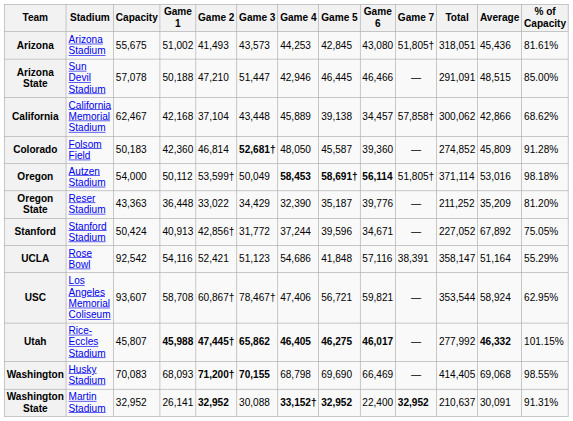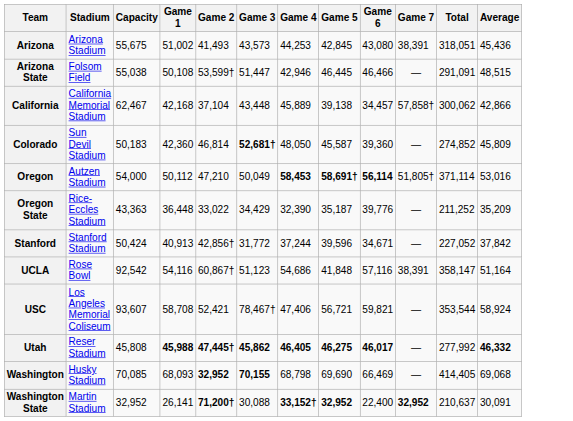 <table class="wikitable">
 <tr>
 <th>Team</th>
 <th>Stadium</th>
 <th>Capacity</th>
 <th>Game 1</th>
 <th>Game 2</th>
 <th>Game 3</th>
 <th>Game 4</th>
 <th>Game 5</th>
 <th>Game 6</th>
 <th>Game 7</th>
 <th>Total</th>
 <th>Average</th>
-<th>% of Capacity</th>
 </tr>
 <tr>
 <th>Arizona</th>
 <td><a href='#'>Arizona Stadium</a></td>
 <td>55,675</td>
 <td>51,002</td>
 <td>41,493</td>
 <td>43,573</td>
 <td>44,253</td>
 <td>42,845</td>
 <td>43,080</td>
-<td>51,805†</td>
+<td>38,391</td>
 <td>318,051</td>
 <td>45,436</td>
-<td>81.61%</td>
 </tr>
 <tr>
 <th>Arizona State</th>
-<td><a href='#'>Sun Devil Stadium</a></td>
-<td>57,078</td>
-<td>50,188</td>
-<td>47,210</td>
+<td><a href='#'>Folsom Field</a></td>
+<td>55,038</td>
+<td>50,108</td>
+<td>53,599†</td>
 <td>51,447</td>
 <td>42,946</td>
 <td>46,445</td>
 <td>46,466</td>
 <td style="text-align:center;">—</td>
 <td>291,091</td>
 <td>48,515</td>
-<td>85.00%</td>
 </tr>
 <tr>
 <th>California</th>
 <td><a href='#'>California Memorial Stadium</a></td>
 <td>62,467</td>
 <td>42,168</td>
 <td>37,104</td>
 <td>43,448</td>
 <td>45,889</td>
 <td>39,138</td>
 <td>34,457</td>
 <td>57,858†</td>
 <td>300,062</td>
 <td>42,866</td>
-<td>68.62%</td>
 </tr>
 <tr>
 <th>Colorado</th>
-<td><a href='#'>Folsom Field</a></td>
+<td><a href='#'>Sun Devil Stadium</a></td>
 <td>50,183</td>
 <td>42,360</td>
 <td>46,814</td>
 <td><strong>52,681†</strong></td>
 <td>48,050</td>
 <td>45,587</td>
 <td>39,360</td>
 <td style="text-align:center;">—</td>
 <td>274,852</td>
 <td>45,809</td>
-<td>91.28%</td>
 </tr>
 <tr>
 <th>Oregon</th>
 <td><a href='#'>Autzen Stadium</a></td>
 <td>54,000</td>
 <td>50,112</td>
-<td>53,599†</td>
+<td>47,210</td>
 <td>50,049</td>
 <td><strong>58,453</strong></td>
 <td><strong>58,691†</strong></td>
 <td><strong>56,114</strong></td>
 <td>51,805†</td>
 <td>371,114</td>
 <td>53,016</td>
-<td>98.18%</td>
 </tr>
 <tr>
 <th>Oregon State</th>
-<td><a href='#'>Reser Stadium</a></td>
+<td><a href='#'>Rice-Eccles Stadium</a></td>
 <td>43,363</td>
 <td>36,448</td>
 <td>33,022</td>
 <td>34,429</td>
 <td>32,390</td>
 <td>35,187</td>
 <td>39,776</td>
 <td style="text-align:center;">—</td>
 <td>211,252</td>
 <td>35,209</td>
-<td>81.20%</td>
 </tr>
 <tr>
 <th>Stanford</th>
 <td><a href='#'>Stanford Stadium</a></td>
 <td>50,424</td>
 <td>40,913</td>
 <td>42,856†</td>
 <td>31,772</td>
 <td>37,244</td>
 <td>39,596</td>
 <td>34,671</td>
 <td style="text-align:center;">—</td>
 <td>227,052</td>
-<td>67,892</td>
-<td>75.05%</td>
+<td>37,842</td>
 </tr>
 <tr>
 <th>UCLA</th>
 <td><a href='#'>Rose Bowl</a></td>
 <td>92,542</td>
 <td>54,116</td>
-<td>52,421</td>
+<td>60,867†</td>
 <td>51,123</td>
 <td>54,686</td>
 <td>41,848</td>
 <td>57,116</td>
 <td>38,391</td>
 <td>358,147</td>
 <td>51,164</td>
-<td>55.29%</td>
 </tr>
 <tr>
 <th>USC</th>
 <td><a href='#'>Los Angeles Memorial Coliseum</a></td>
 <td>93,607</td>
 <td>58,708</td>
-<td>60,867†</td>
+<td>52,421</td>
 <td>78,467†</td>
 <td>47,406</td>
 <td>56,721</td>
 <td>59,821</td>
 <td style="text-align:center;">—</td>
 <td>353,544</td>
 <td>58,924</td>
-<td>62.95%</td>
 </tr>
 <tr>
 <th>Utah</th>
-<td><a href='#'>Rice-Eccles Stadium</a></td>
-<td>45,807</td>
+<td><a href='#'>Reser Stadium</a></td>
+<td>45,808</td>
 <td><strong>45,988</strong></td>
 <td><strong>47,445†</strong></td>
-<td><strong>65,862</strong></td>
+<td><strong>45,862</strong></td>
 <td><strong>46,405</strong></td>
 <td><strong>46,275</strong></td>
 <td><strong>46,017</strong></td>
 <td style="text-align:center;">—</td>
 <td>277,992</td>
 <td><strong>46,332</strong></td>
-<td>101.15%</td>
 </tr>
 <tr>
 <th>Washington</th>
 <td><a href='#'>Husky Stadium</a></td>
-<td>70,083</td>
+<td>70,085</td>
 <td>68,093</td>
-<td><strong>71,200†</strong></td>
+<td><strong>32,952</strong></td>
 <td><strong>70,155</strong></td>
 <td>68,798</td>
 <td>69,690</td>
 <td>66,469</td>
 <td style="text-align:center;">—</td>
 <td>414,405</td>
 <td>69,068</td>
-<td>98.55%</td>
 </tr>
 <tr>
 <th>Washington State</th>
 <td><a href='#'>Martin Stadium</a></td>
 <td>32,952</td>
 <td>26,141</td>
-<td><strong>32,952</strong></td>
+<td><strong>71,200†</strong></td>
 <td>30,088</td>
 <td><strong>33,152†</strong></td>
 <td><strong>32,952</strong></td>
 <td>22,400</td>
 <td><strong>32,952</strong></td>
 <td>210,637</td>
 <td>30,091</td>
-<td>91.31%</td>
 </tr>
 </table>
